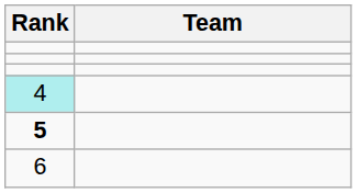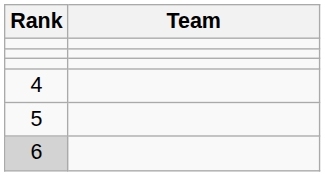 <table class="wikitable" style="text-align: center;">
 <tr>
 <th width=40>Rank</th>
 <th width=180>Team</th>
 </tr>
 <tr>
 <td></td>
 <td align="left"></td>
 </tr>
 <tr>
 <td></td>
 <td align="left"></td>
 </tr>
 <tr>
 <td></td>
 <td align="left"></td>
 </tr>
 <tr>
-<td style="background: paleturquoise;">4</td>
+<td>4</td>
 <td align="left"></td>
 </tr>
 <tr>
-<td><strong>5</strong></td>
+<td>5</td>
 <td align="left"></td>
 </tr>
 <tr>
-<td>6</td>
+<td style="background: lightgrey;">6</td>
 <td align="left"></td>
 </tr>
 </table>
